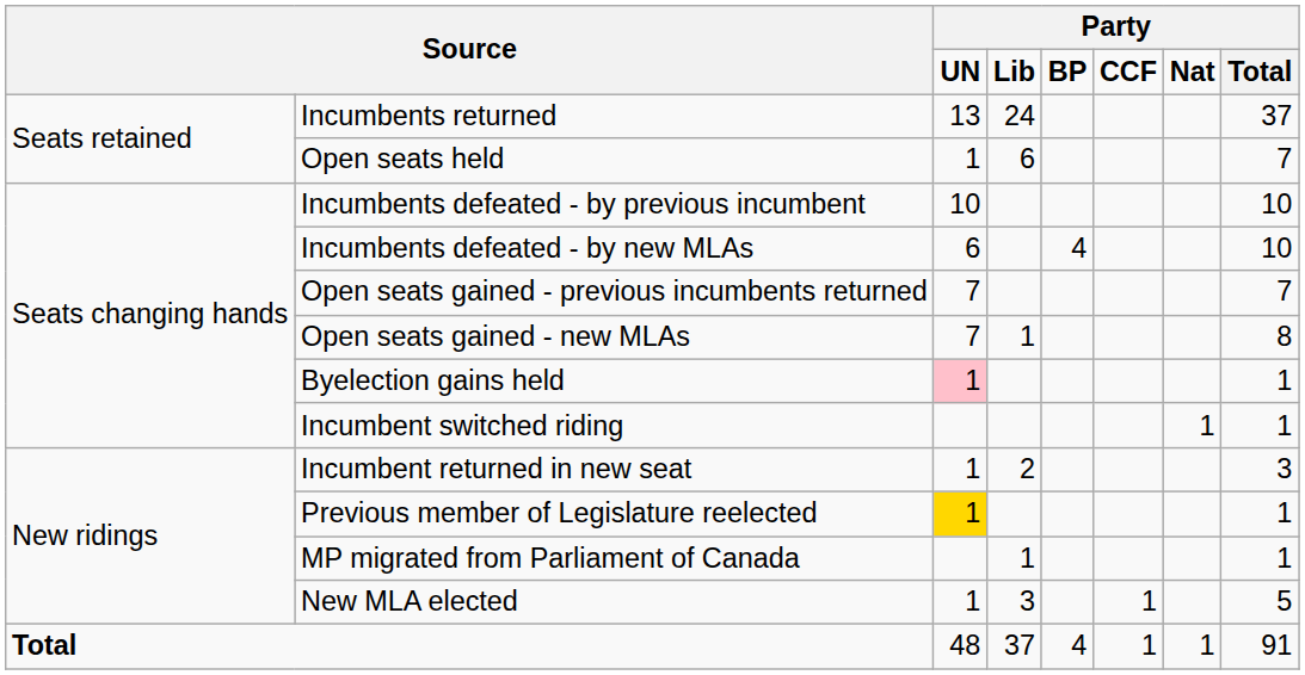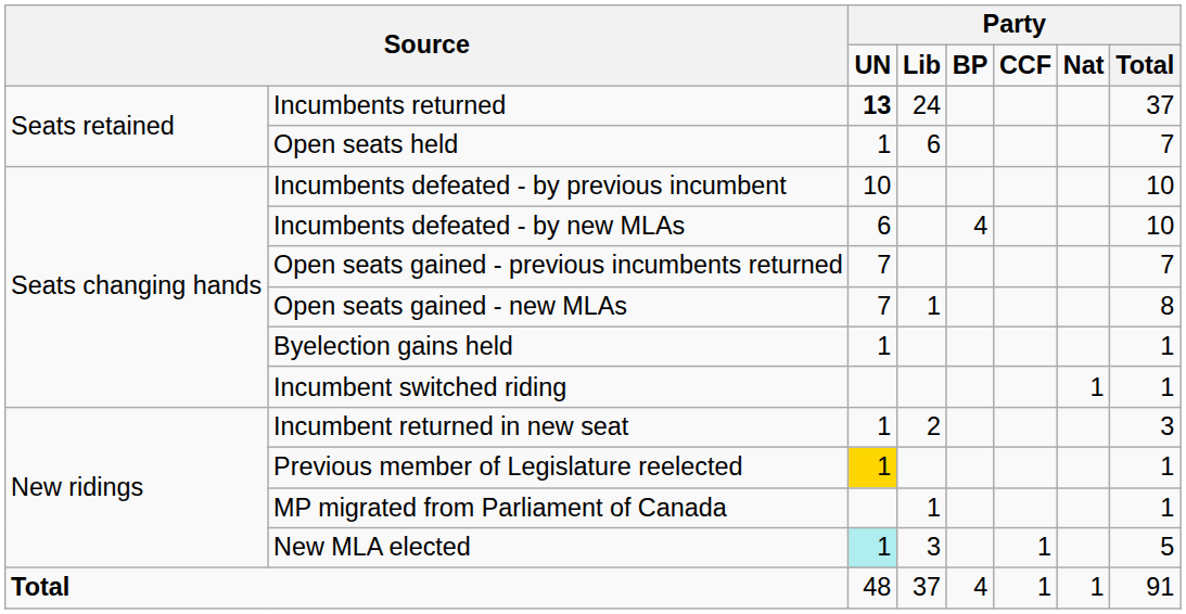 <table class="wikitable" style="text-align:right;">
 <tr>
 <th colspan="2" rowspan="2">Source</th>
 <th colspan="6">Party</th>
 </tr>
 <tr>
 <td><strong>UN</strong></td>
 <td><strong>Lib</strong></td>
 <td><strong>BP</strong></td>
 <td><strong>CCF</strong></td>
 <td><strong>Nat</strong></td>
 <th>Total</th>
 </tr>
 <tr>
 <td rowspan="2" style="text-align:left;">Seats retained</td>
 <td style="text-align:left;">Incumbents returned</td>
-<td>13</td>
+<td><strong>13</strong></td>
 <td>24</td>
 <td></td>
 <td></td>
 <td></td>
 <td>37</td>
 </tr>
 <tr>
 <td style="text-align:left;">Open seats held</td>
 <td>1</td>
 <td>6</td>
 <td></td>
 <td></td>
 <td></td>
 <td>7</td>
 </tr>
 <tr>
 <td rowspan="6" style="text-align:left;">Seats changing hands</td>
 <td style="text-align:left;">Incumbents defeated - by previous incumbent</td>
 <td>10</td>
 <td></td>
 <td></td>
 <td></td>
 <td></td>
 <td>10</td>
 </tr>
 <tr>
 <td style="text-align:left;">Incumbents defeated - by new MLAs</td>
 <td>6</td>
 <td></td>
 <td>4</td>
 <td></td>
 <td></td>
 <td>10</td>
 </tr>
 <tr>
 <td style="text-align:left;">Open seats gained - previous incumbents returned</td>
 <td>7</td>
 <td></td>
 <td></td>
 <td></td>
 <td></td>
 <td>7</td>
 </tr>
 <tr>
 <td style="text-align:left;">Open seats gained - new MLAs</td>
 <td>7</td>
 <td>1</td>
 <td></td>
 <td></td>
 <td></td>
 <td>8</td>
 </tr>
 <tr>
 <td style="text-align:left;">Byelection gains held</td>
-<td style="background: pink;">1</td>
+<td>1</td>
 <td></td>
 <td></td>
 <td></td>
 <td></td>
 <td>1</td>
 </tr>
 <tr>
 <td style="text-align:left;">Incumbent switched riding</td>
 <td></td>
 <td></td>
 <td></td>
 <td></td>
 <td>1</td>
 <td>1</td>
 </tr>
 <tr>
 <td rowspan="4" style="text-align:left;">New ridings</td>
 <td style="text-align:left;">Incumbent returned in new seat</td>
 <td>1</td>
 <td>2</td>
 <td></td>
 <td></td>
 <td></td>
 <td>3</td>
 </tr>
 <tr>
 <td style="text-align:left;">Previous member of Legislature reelected</td>
 <td style="background: gold;">1</td>
 <td></td>
 <td></td>
 <td></td>
 <td></td>
 <td>1</td>
 </tr>
 <tr>
 <td style="text-align:left;">MP migrated from Parliament of Canada</td>
 <td></td>
 <td>1</td>
 <td></td>
 <td></td>
 <td></td>
 <td>1</td>
 </tr>
 <tr>
 <td style="text-align:left;">New MLA elected</td>
-<td>1</td>
+<td style="background: paleturquoise;">1</td>
 <td>3</td>
 <td></td>
 <td>1</td>
 <td></td>
 <td>5</td>
 </tr>
 <tr>
 <td colspan="2" style="text-align:left;"><strong>Total</strong></td>
 <td>48</td>
 <td>37</td>
 <td>4</td>
 <td>1</td>
 <td>1</td>
 <td>91</td>
 </tr>
 </table>
